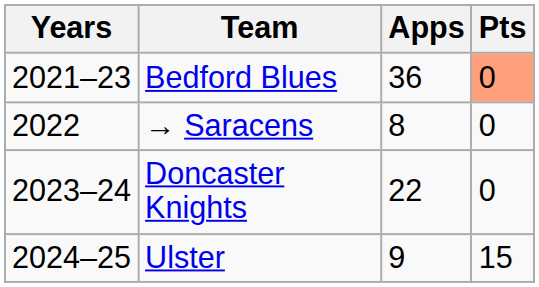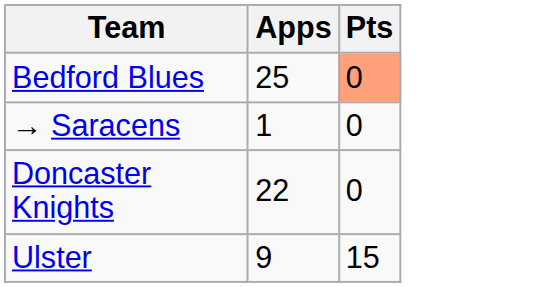 <table class="wikitable" style="text-align:left;">
 <tr>
-<th>Years</th>
 <th width=120px>Team</th>
 <th>Apps</th>
 <th>Pts</th>
 </tr>
 <tr>
-<td>2021–23</td>
 <td><a href='#'>Bedford Blues</a></td>
-<td>36</td>
+<td>25</td>
 <td style="background: lightsalmon;">0</td>
 </tr>
 <tr>
-<td>2022</td>
 <td>→ <a href='#'>Saracens</a></td>
-<td>8</td>
+<td>1</td>
 <td>0</td>
 </tr>
 <tr>
-<td>2023–24</td>
 <td><a href='#'>Doncaster Knights</a></td>
 <td>22</td>
 <td>0</td>
 </tr>
 <tr>
-<td>2024–25</td>
 <td><a href='#'>Ulster</a></td>
 <td>9</td>
 <td>15</td>
 </tr>
 </table>
